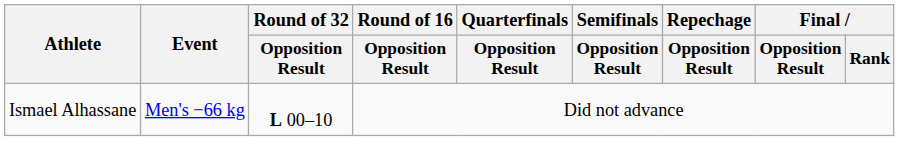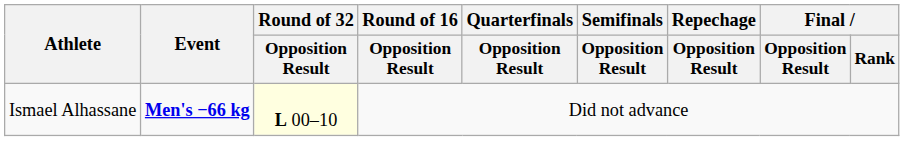 <table class="wikitable" style="font-size:90%">
 <tr>
 <th rowspan="2">Athlete</th>
 <th rowspan="2">Event</th>
 <th>Round of 32</th>
 <th>Round of 16</th>
 <th>Quarterfinals</th>
 <th>Semifinals</th>
 <th>Repechage</th>
 <th colspan=2>Final / </th>
 </tr>
 <tr style="font-size:95%">
 <th>Opposition<br>Result</th>
 <th>Opposition<br>Result</th>
 <th>Opposition<br>Result</th>
 <th>Opposition<br>Result</th>
 <th>Opposition<br>Result</th>
 <th>Opposition<br>Result</th>
 <th>Rank</th>
 </tr>
 <tr align=center>
 <td align=left>Ismael Alhassane</td>
-<td align=left><a href='#'>Men's −66 kg</a></td>
-<td><br><strong>L</strong> 00–10</td>
+<td align=left><strong><a href='#'>Men's −66 kg</a></strong></td>
+<td style="background: lightyellow;"><br><strong>L</strong> 00–10</td>
 <td colspan=6>Did not advance</td>
 </tr>
 </table>
